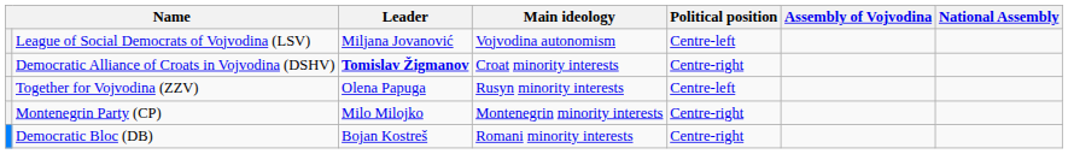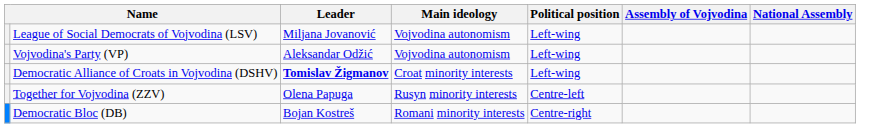 <table class="wikitable" style="text-align">
 <tr>
 <th colspan="2">Name</th>
 <th>Leader</th>
 <th>Main ideology</th>
 <th>Political position</th>
 <th><a href='#'>Assembly of Vojvodina</a></th>
 <th><a href='#'>National Assembly</a></th>
 </tr>
 <tr>
 <th style="background-color:"></th>
 <td><a href='#'>League of Social Democrats of Vojvodina</a> (LSV)</td>
 <td><a href='#'>Miljana Jovanović</a></td>
 <td><a href='#'>Vojvodina autonomism</a></td>
-<td><a href='#'>Centre-left</a></td>
+<td><a href='#'>Left-wing</a></td>
+<td></td>
+<td></td>
+</tr>
+<tr>
+<th style="background-color:"></th>
+<td><a href='#'>Vojvodina's Party</a> (VP)</td>
+<td><a href='#'>Aleksandar Odžić</a></td>
+<td><a href='#'>Vojvodina autonomism</a></td>
+<td><a href='#'>Left-wing</a></td>
 <td></td>
 <td></td>
 </tr>
 <tr>
 <th style="background-color:"></th>
 <td><a href='#'>Democratic Alliance of Croats in Vojvodina</a> (DSHV)</td>
 <td><strong><a href='#'>Tomislav Žigmanov</a></strong></td>
 <td><a href='#'>Croat</a> <a href='#'>minority interests</a></td>
-<td><a href='#'>Centre-right</a></td>
+<td><a href='#'>Left-wing</a></td>
 <td></td>
 <td></td>
 </tr>
 <tr>
 <th style="background-color:"></th>
 <td><a href='#'>Together for Vojvodina</a> (ZZV)</td>
 <td><a href='#'>Olena Papuga</a></td>
 <td><a href='#'>Rusyn</a> <a href='#'>minority interests</a></td>
 <td><a href='#'>Centre-left</a></td>
 <td></td>
 <td></td>
 </tr>
 <tr>
-<th style="background-color:"></th>
-<td><a href='#'>Montenegrin Party</a> (CP)</td>
-<td><a href='#'>Milo Milojko</a></td>
-<td><a href='#'>Montenegrin</a> <a href='#'>minority interests</a></td>
-<td><a href='#'>Centre-right</a></td>
-<td></td>
-<td></td>
-</tr>
-<tr>
 <th style="background-color:#0081FF"></th>
 <td><a href='#'>Democratic Bloc</a> (DB)</td>
 <td><a href='#'>Bojan Kostreš</a></td>
 <td><a href='#'>Romani</a> <a href='#'>minority interests</a></td>
 <td><a href='#'>Centre-right</a></td>
 <td></td>
 <td></td>
 </tr>
 </table>
